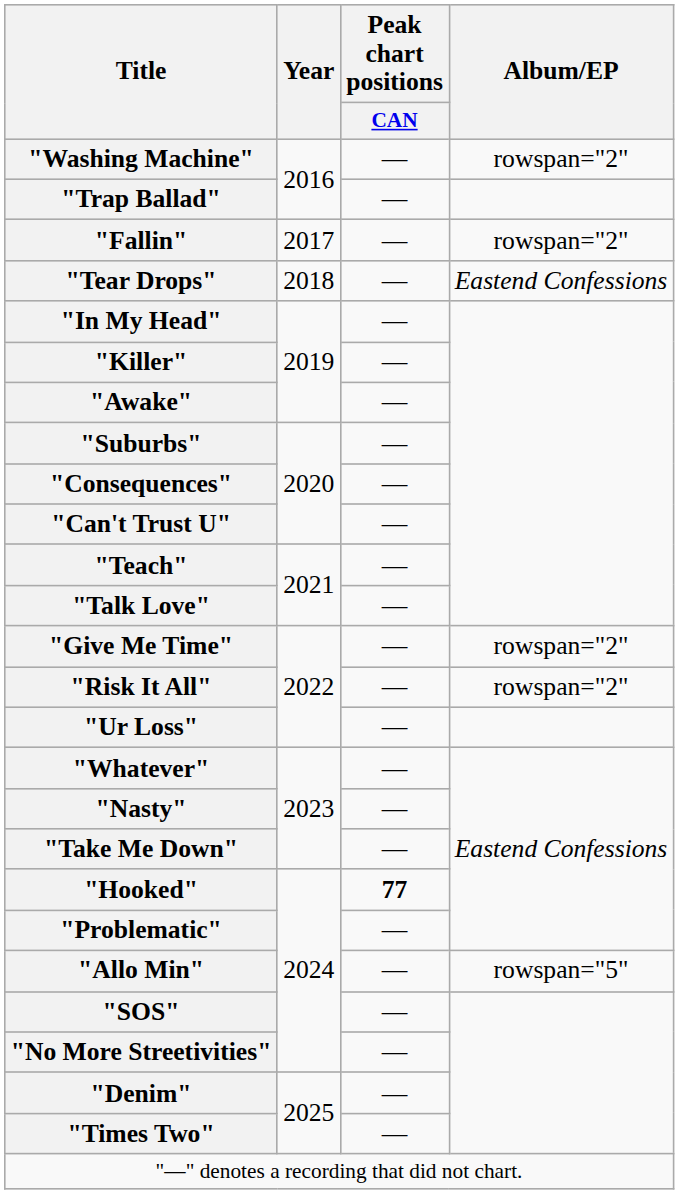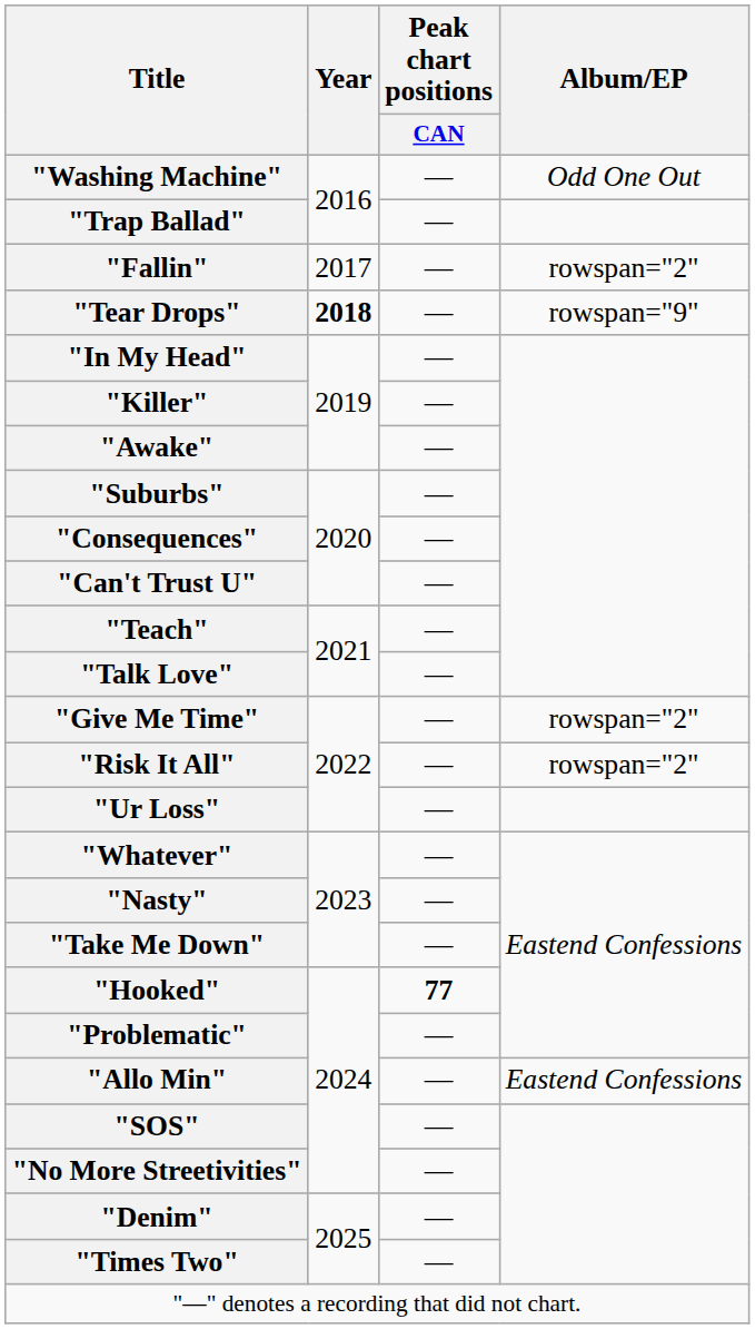 <table class="wikitable plainrowheaders" style="text-align:center;">
 <tr>
 <th scope="col" rowspan="2">Title</th>
 <th scope="col" rowspan="2">Year</th>
 <th scope="col">Peak chart positions</th>
 <th scope="col" rowspan="2">Album/EP</th>
 </tr>
 <tr style="font-size:smaller;">
 <th style="width:3.5em;"><a href='#'>CAN</a><br></th>
 </tr>
 <tr>
 <th scope="row">"Washing Machine"</th>
 <td rowspan="2">2016</td>
 <td>—</td>
-<td>rowspan="2" </td>
+<td><em>Odd One Out</em></td>
 </tr>
 <tr>
 <th scope="row">"Trap Ballad"</th>
 <td>—</td>
 </tr>
 <tr>
 <th scope="row">"Fallin"</th>
 <td>2017</td>
 <td>—</td>
 <td>rowspan="2" </td>
 </tr>
 <tr>
 <th scope="row">"Tear Drops"</th>
-<td>2018</td>
+<td><strong>2018</strong></td>
 <td>—</td>
-<td><em>Eastend Confessions</em></td>
+<td>rowspan="9" </td>
 </tr>
 <tr>
 <th scope="row">"In My Head"</th>
 <td rowspan="3">2019</td>
 <td>—</td>
 </tr>
 <tr>
 <th scope="row">"Killer"</th>
 <td>—</td>
 </tr>
 <tr>
 <th scope="row">"Awake"</th>
 <td>—</td>
 </tr>
 <tr>
 <th scope="row">"Suburbs"</th>
 <td rowspan="3">2020</td>
 <td>—</td>
 </tr>
 <tr>
 <th scope="row">"Consequences"</th>
 <td>—</td>
 </tr>
 <tr>
 <th scope="row">"Can't Trust U"</th>
 <td>—</td>
 </tr>
 <tr>
 <th scope="row">"Teach"</th>
 <td rowspan="2">2021</td>
 <td>—</td>
 </tr>
 <tr>
 <th scope="row">"Talk Love"</th>
 <td>—</td>
 </tr>
 <tr>
 <th scope="row">"Give Me Time"</th>
 <td rowspan="3">2022</td>
 <td>—</td>
 <td>rowspan="2" </td>
 </tr>
 <tr>
 <th scope="row">"Risk It All"</th>
 <td>—</td>
 <td>rowspan="2" </td>
 </tr>
 <tr>
 <th scope="row">"Ur Loss"</th>
 <td>—</td>
 </tr>
 <tr>
 <th scope="row">"Whatever"</th>
 <td rowspan="3">2023</td>
 <td>—</td>
 <td rowspan="5"><em>Eastend Confessions</em></td>
 </tr>
 <tr>
 <th scope="row">"Nasty"</th>
 <td>—</td>
 </tr>
 <tr>
 <th scope="row">"Take Me Down"</th>
 <td>—</td>
 </tr>
 <tr>
 <th scope="row">"Hooked"</th>
 <td rowspan="5">2024</td>
 <td><strong>77</strong></td>
 </tr>
 <tr>
 <th scope="row">"Problematic"</th>
 <td>—</td>
 </tr>
 <tr>
 <th scope="row">"Allo Min"<br></th>
 <td>—</td>
-<td>rowspan="5" </td>
+<td><em>Eastend Confessions</em></td>
 </tr>
 <tr>
 <th scope="row">"SOS"</th>
 <td>—</td>
 </tr>
 <tr>
 <th scope="row">"No More Streetivities"</th>
 <td>—</td>
 </tr>
 <tr>
 <th scope="row">"Denim"</th>
 <td rowspan="2">2025</td>
 <td>—</td>
 </tr>
 <tr>
 <th scope="row">"Times Two"</th>
 <td>—</td>
 </tr>
 <tr>
 <td colspan="8" style="font-size:smaller;">"—" denotes a recording that did not chart.</td>
 </tr>
 </table>
